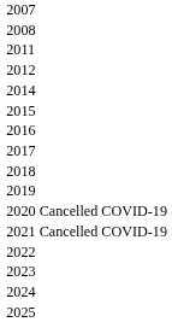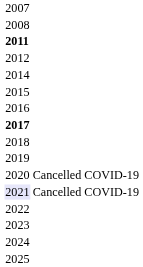 <table>
 <tr>
 <td>2007</td>
 <td></td>
 <td></td>
 <td></td>
 <td></td>
 </tr>
 <tr>
 <td>2008</td>
 <td></td>
 <td></td>
 <td></td>
 <td></td>
 </tr>
 <tr>
-<td>2011</td>
+<td><strong>2011</strong></td>
 <td></td>
 <td></td>
 <td></td>
 <td></td>
 </tr>
 <tr>
 <td>2012</td>
 <td></td>
 <td></td>
 <td></td>
 <td></td>
 </tr>
 <tr>
 <td>2014</td>
 <td></td>
 <td></td>
 <td></td>
 <td></td>
 </tr>
 <tr>
 <td>2015</td>
 <td></td>
 <td></td>
 <td></td>
 <td></td>
 </tr>
 <tr>
 <td>2016</td>
 <td></td>
 <td></td>
 <td></td>
 <td></td>
 </tr>
 <tr>
-<td>2017</td>
+<td><strong>2017</strong></td>
 <td></td>
 <td></td>
 <td></td>
 <td></td>
 </tr>
 <tr>
 <td>2018</td>
 <td></td>
 <td></td>
 <td></td>
 <td></td>
 </tr>
 <tr>
 <td>2019</td>
 <td></td>
 <td></td>
 <td></td>
 <td></td>
 </tr>
 <tr>
 <td>2020</td>
 <td colspan=3>Cancelled COVID-19</td>
 <td></td>
 </tr>
 <tr>
-<td>2021</td>
+<td style="background: lavender;">2021</td>
 <td colspan=3>Cancelled COVID-19</td>
 <td></td>
 </tr>
 <tr>
 <td>2022</td>
 <td></td>
 <td></td>
 <td></td>
 <td></td>
 </tr>
 <tr>
 <td>2023</td>
 <td></td>
 <td></td>
 <td></td>
 <td></td>
 </tr>
 <tr>
 <td>2024</td>
 <td></td>
 <td></td>
 <td></td>
 <td></td>
 </tr>
 <tr>
 <td>2025</td>
 <td></td>
 <td></td>
 <td></td>
 <td></td>
 </tr>
 </table>
